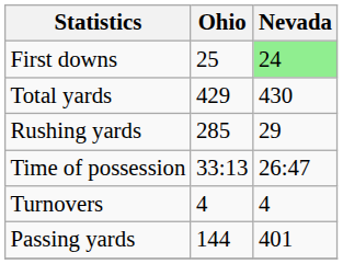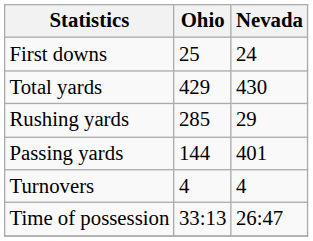 <table class="wikitable">
 <tr>
 <th>Statistics</th>
 <th>Ohio</th>
 <th>Nevada</th>
 </tr>
 <tr>
 <td>First downs</td>
 <td>25</td>
-<td style="background: lightgreen;">24</td>
+<td>24</td>
 </tr>
 <tr>
 <td>Total yards</td>
 <td>429</td>
 <td>430</td>
 </tr>
 <tr>
 <td>Rushing yards</td>
 <td>285</td>
 <td>29</td>
 </tr>
 <tr>
-<td>Time of possession</td>
-<td>33:13</td>
-<td>26:47</td>
+<td>Passing yards</td>
+<td>144</td>
+<td>401</td>
 </tr>
 <tr>
 <td>Turnovers</td>
 <td>4</td>
 <td>4</td>
 </tr>
 <tr>
-<td>Passing yards</td>
-<td>144</td>
-<td>401</td>
+<td>Time of possession</td>
+<td>33:13</td>
+<td>26:47</td>
 </tr>
 <tr>
 </tr>
 </table>
